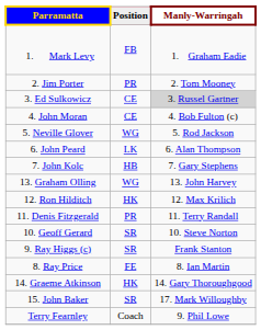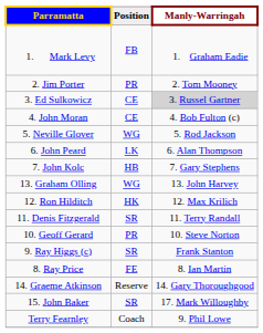 <table align="right" class="wikitable" style="font-size:90%; margin-left:1em">
 <tr bgcolor="#FF0033">
 <th style="width:140px; border:3px solid gold; background: blue; color: gold">Parramatta</th>
 <th style="width:40px; text-align:center; background:#eee; color:black;">Position</th>
 <th style="width:140px; border:3px solid maroon; background: white; color: maroon">Manly-Warringah</th>
 </tr>
 <tr align=center>
 <td><br><ol><li><a href='#'>Mark Levy</a></li></ol></td>
 <td><a href='#'>FB</a></td>
 <td><br><ol><li><a href='#'>Graham Eadie</a></li></ol></td>
 </tr>
 <tr align=center>
 <td>2. <a href='#'>Jim Porter</a></td>
 <td><a href='#'>PR</a></td>
 <td>2. <a href='#'>Tom Mooney</a></td>
 </tr>
 <tr align=center>
 <td>3. <a href='#'>Ed Sulkowicz</a></td>
 <td><a href='#'>CE</a></td>
 <td style="background: lightgrey;">3. <a href='#'>Russel Gartner</a></td>
 </tr>
 <tr align=center>
 <td>4. <a href='#'>John Moran</a></td>
 <td><a href='#'>CE</a></td>
 <td>4. <a href='#'>Bob Fulton</a> (c)</td>
 </tr>
 <tr align=center>
 <td>5. <a href='#'>Neville Glover</a></td>
 <td><a href='#'>WG</a></td>
 <td>5. <a href='#'>Rod Jackson</a></td>
 </tr>
 <tr align=center>
 <td>6. <a href='#'>John Peard</a></td>
 <td><a href='#'>LK</a></td>
 <td>6. <a href='#'>Alan Thompson</a></td>
 </tr>
 <tr align=center>
 <td>7. <a href='#'>John Kolc</a></td>
 <td><a href='#'>HB</a></td>
 <td>7. <a href='#'>Gary Stephens</a></td>
 </tr>
 <tr align=center>
 <td>13. <a href='#'>Graham Olling</a></td>
 <td><a href='#'>WG</a></td>
 <td>13. <a href='#'>John Harvey</a></td>
 </tr>
 <tr align=center>
 <td>12. <a href='#'>Ron Hilditch</a></td>
 <td><a href='#'>HK</a></td>
 <td>12. <a href='#'>Max Krilich</a></td>
 </tr>
 <tr align=center>
 <td>11. <a href='#'>Denis Fitzgerald</a></td>
-<td><a href='#'>PR</a></td>
+<td><a href='#'>SR</a></td>
 <td>11. <a href='#'>Terry Randall</a></td>
 </tr>
 <tr align=center>
 <td>10. <a href='#'>Geoff Gerard</a></td>
-<td><a href='#'>SR</a></td>
+<td><a href='#'>PR</a></td>
 <td>10. <a href='#'>Steve Norton</a></td>
 </tr>
 <tr align=center>
 <td>9. <a href='#'>Ray Higgs (c)</a></td>
 <td><a href='#'>SR</a></td>
 <td><a href='#'>Frank Stanton</a></td>
 </tr>
 <tr align=center>
 <td>8. <a href='#'>Ray Price</a></td>
 <td><a href='#'>FE</a></td>
 <td>8. <a href='#'>Ian Martin</a></td>
 </tr>
 <tr align=center>
 <td>14. <a href='#'>Graeme Atkinson</a></td>
-<td><a href='#'>HK</a></td>
+<td>Reserve</td>
 <td>14. <a href='#'>Gary Thoroughgood</a></td>
 </tr>
 <tr align=center>
 <td>15. <a href='#'>John Baker</a></td>
 <td><a href='#'>SR</a></td>
 <td>17. <a href='#'>Mark Willoughby</a></td>
 </tr>
 <tr align=center>
 <td><a href='#'>Terry Fearnley</a></td>
 <td>Coach</td>
 <td>9. <a href='#'>Phil Lowe</a></td>
 </tr>
 <tr>
 </tr>
 </table>
